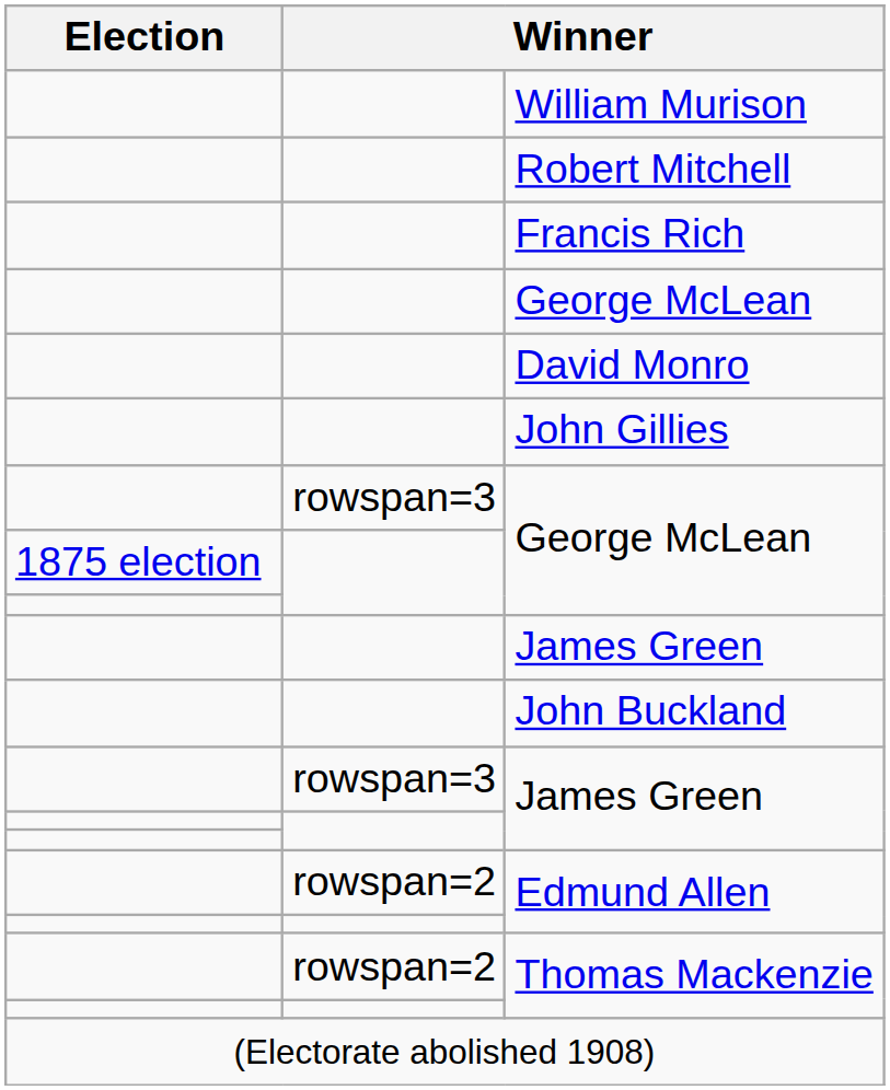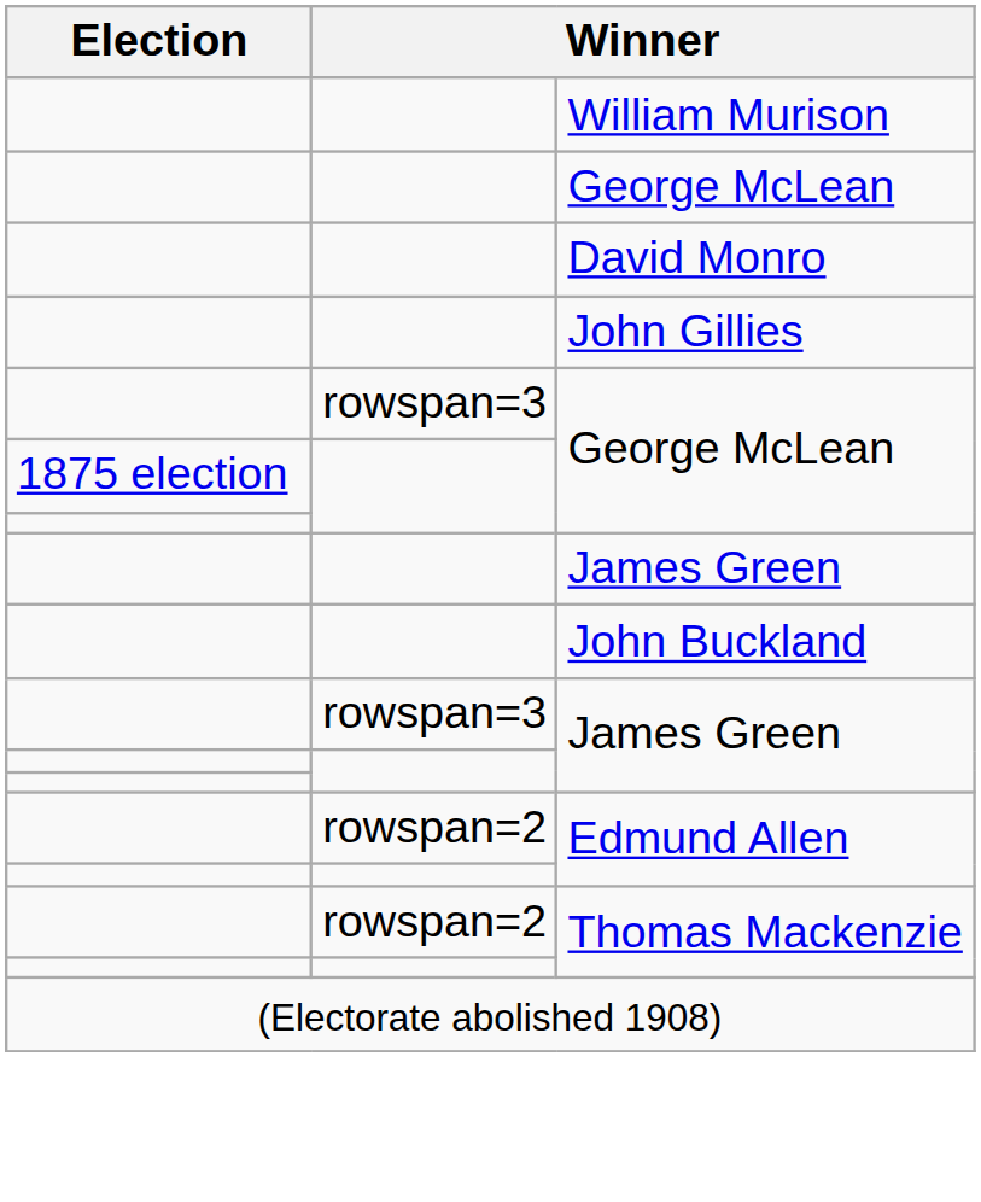 <table class=wikitable>
 <tr>
 <th width=100>Election</th>
 <th width=175 colspan=2>Winner</th>
 </tr>
 <tr>
 <td></td>
 <td></td>
 <td><a href='#'>William Murison</a></td>
-</tr>
-<tr>
-<td></td>
-<td></td>
-<td><a href='#'>Robert Mitchell</a></td>
-</tr>
-<tr>
-<td></td>
-<td></td>
-<td><a href='#'>Francis Rich</a></td>
 </tr>
 <tr>
 <td></td>
 <td></td>
 <td><a href='#'>George McLean</a></td>
 </tr>
 <tr>
 <td></td>
 <td></td>
 <td><a href='#'>David Monro</a></td>
 </tr>
 <tr>
 <td></td>
 <td></td>
 <td><a href='#'>John Gillies</a></td>
 </tr>
 <tr>
 <td></td>
 <td>rowspan=3 </td>
 <td rowspan=3>George McLean</td>
 </tr>
 <tr>
 <td><a href='#'>1875 election</a></td>
 </tr>
 <tr>
 <td></td>
 </tr>
 <tr>
 <td></td>
 <td></td>
 <td><a href='#'>James Green</a></td>
 </tr>
 <tr>
 <td></td>
 <td></td>
 <td><a href='#'>John Buckland</a></td>
 </tr>
 <tr>
 <td></td>
 <td>rowspan=3 </td>
 <td rowspan=3>James Green</td>
 </tr>
 <tr>
 <td></td>
 </tr>
 <tr>
 <td></td>
 </tr>
 <tr>
 <td></td>
 <td>rowspan=2 </td>
 <td rowspan=2><a href='#'>Edmund Allen</a></td>
 </tr>
 <tr>
 <td></td>
 </tr>
 <tr>
 <td></td>
 <td>rowspan=2 </td>
 <td rowspan=2><a href='#'>Thomas Mackenzie</a></td>
 </tr>
 <tr>
 <td></td>
 </tr>
 <tr>
 <td colspan=3 align=center><small>(Electorate abolished 1908)</small></td>
 </tr>
 </table>
